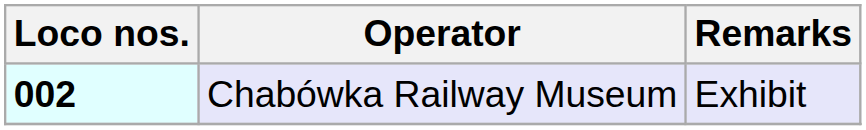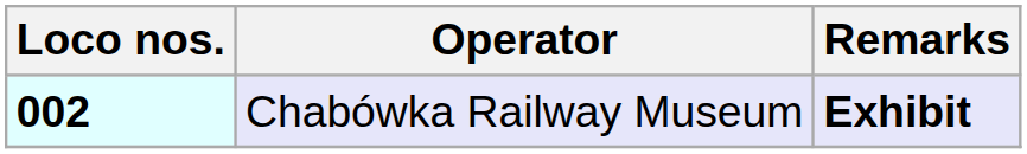 <table class="wikitable">
 <tr>
 <th><strong>Loco nos.</strong></th>
 <th><strong>Operator</strong></th>
 <th><strong>Remarks</strong></th>
 </tr>
 <tr>
 <td bgcolor=#e0ffff align=left><strong>002</strong></td>
 <td bgcolor=#e6e6fa align=left>Chabówka Railway Museum</td>
-<td bgcolor=#e6e6fa align=left>Exhibit</td>
+<td bgcolor=#e6e6fa align=left><strong>Exhibit</strong></td>
 </tr>
 <tr>
 </tr>
 </table>
